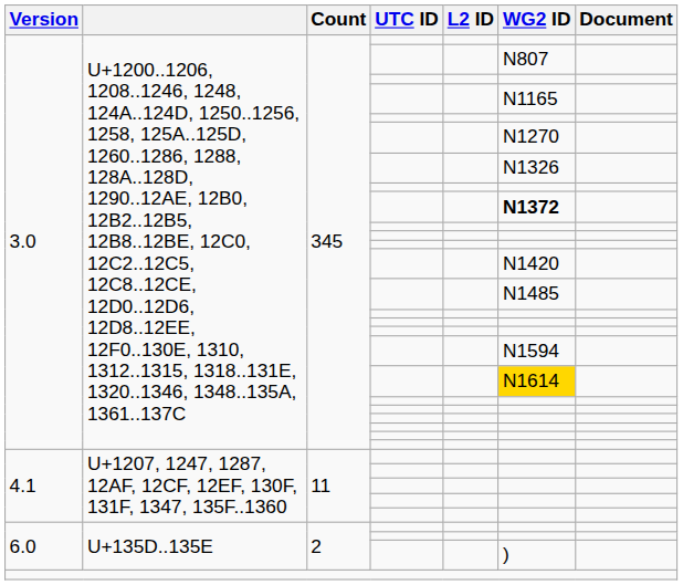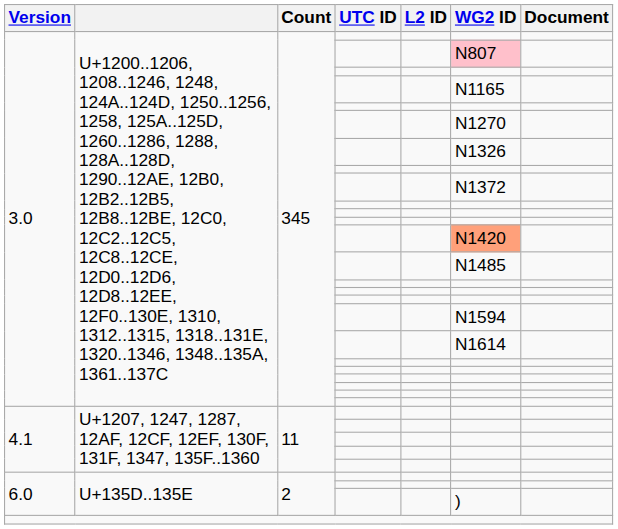 <table class="wikitable collapsible sticky-header">
 <tr>
 <th><a href='#'>Version</a></th>
 <th></th>
 <th>Count</th>
 <th><a href='#'>UTC</a> ID</th>
 <th><a href='#'>L2</a> ID</th>
 <th><a href='#'>WG2</a> ID</th>
 <th>Document</th>
 </tr>
 <tr>
 <td rowspan="25">3.0</td>
 <td rowspan="25" width="180">U+1200..1206, 1208..1246, 1248, 124A..124D, 1250..1256, 1258, 125A..125D, 1260..1286, 1288, 128A..128D, 1290..12AE, 12B0, 12B2..12B5, 12B8..12BE, 12C0, 12C2..12C5, 12C8..12CE, 12D0..12D6, 12D8..12EE, 12F0..130E, 1310, 1312..1315, 1318..131E, 1320..1346, 1348..135A, 1361..137C</td>
 <td rowspan="25">345</td>
 <td></td>
 <td></td>
 <td></td>
 <td></td>
 </tr>
 <tr>
 <td></td>
 <td></td>
-<td>N807</td>
+<td style="background: pink;">N807</td>
 <td></td>
 </tr>
 <tr>
 <td></td>
 <td></td>
 <td></td>
 <td></td>
 </tr>
 <tr>
 <td></td>
 <td></td>
 <td>N1165</td>
 <td></td>
 </tr>
 <tr>
 <td></td>
 <td></td>
 <td></td>
 <td></td>
 </tr>
 <tr>
 <td></td>
 <td></td>
 <td>N1270</td>
 <td></td>
 </tr>
 <tr>
 <td></td>
 <td></td>
 <td>N1326</td>
 <td></td>
 </tr>
 <tr>
 <td></td>
 <td></td>
 <td></td>
 <td></td>
 </tr>
 <tr>
 <td></td>
 <td></td>
-<td><strong>N1372</strong></td>
+<td>N1372</td>
 <td></td>
 </tr>
 <tr>
 <td></td>
 <td></td>
 <td></td>
 <td></td>
 </tr>
 <tr>
 <td></td>
 <td></td>
 <td></td>
 <td></td>
 </tr>
 <tr>
 <td></td>
 <td></td>
 <td></td>
 <td></td>
 </tr>
 <tr>
 <td></td>
 <td></td>
-<td>N1420</td>
+<td style="background: lightsalmon;">N1420</td>
 <td></td>
 </tr>
 <tr>
 <td></td>
 <td></td>
 <td>N1485</td>
 <td></td>
 </tr>
 <tr>
 <td></td>
 <td></td>
 <td></td>
 <td></td>
 </tr>
 <tr>
 <td></td>
 <td></td>
 <td></td>
 <td></td>
 </tr>
 <tr>
 <td></td>
 <td></td>
 <td></td>
 <td></td>
 </tr>
 <tr>
 <td></td>
 <td></td>
 <td>N1594</td>
 <td></td>
 </tr>
 <tr>
 <td></td>
 <td></td>
-<td style="background: gold;">N1614</td>
+<td>N1614</td>
 <td></td>
 </tr>
 <tr>
 <td></td>
 <td></td>
 <td></td>
 <td></td>
 </tr>
 <tr>
 <td></td>
 <td></td>
 <td></td>
 <td></td>
 </tr>
 <tr>
 <td></td>
 <td></td>
 <td></td>
 <td></td>
 </tr>
 <tr>
 <td></td>
 <td></td>
 <td></td>
 <td></td>
 </tr>
 <tr>
 <td></td>
 <td></td>
 <td></td>
 <td></td>
 </tr>
 <tr>
 <td></td>
 <td></td>
 <td></td>
 <td></td>
 </tr>
 <tr>
 <td rowspan="5">4.1</td>
 <td rowspan="5">U+1207, 1247, 1287, 12AF, 12CF, 12EF, 130F, 131F, 1347, 135F..1360</td>
 <td rowspan="5">11</td>
 <td></td>
 <td></td>
 <td></td>
 <td></td>
 </tr>
 <tr>
 <td></td>
 <td></td>
 <td></td>
 <td></td>
 </tr>
 <tr>
 <td></td>
 <td></td>
 <td></td>
 <td></td>
 </tr>
 <tr>
 <td></td>
 <td></td>
 <td></td>
 <td></td>
 </tr>
 <tr>
 <td></td>
 <td></td>
 <td></td>
 <td></td>
 </tr>
 <tr>
 <td rowspan="3">6.0</td>
 <td rowspan="3">U+135D..135E</td>
 <td rowspan="3">2</td>
 <td></td>
 <td></td>
 <td></td>
 <td></td>
 </tr>
 <tr>
 <td></td>
 <td></td>
 <td></td>
 <td></td>
 </tr>
 <tr>
 <td></td>
 <td></td>
 <td> )</td>
 <td></td>
 </tr>
 <tr class="sortbottom">
 <td colspan="7"></td>
 </tr>
 </table>
